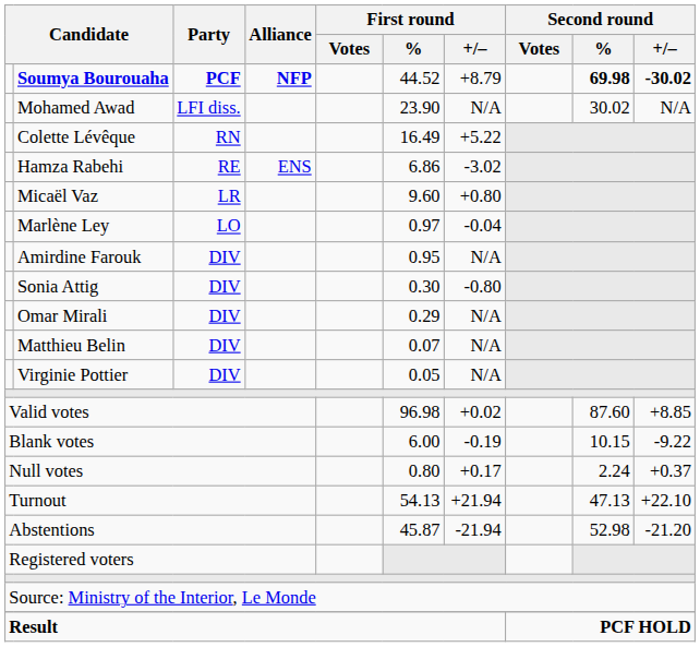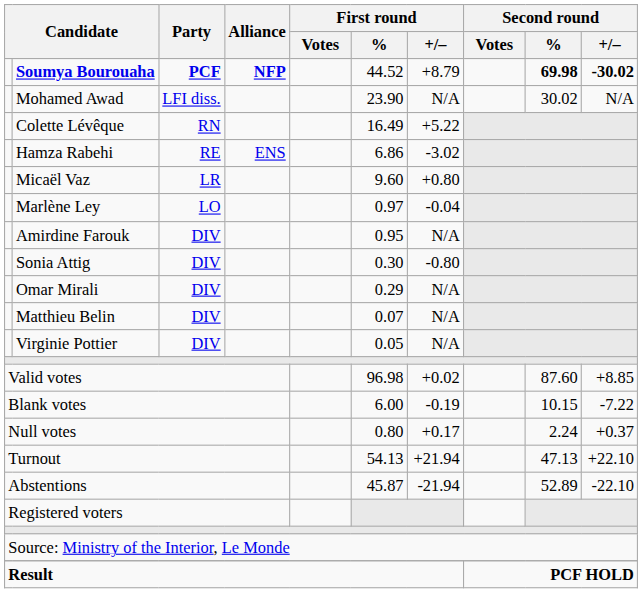 <table class="wikitable" style="text-align:right;font-size:95%;">
 <tr>
 <th rowspan="2" colspan="2">Candidate</th>
 <th rowspan="2">Party</th>
 <th rowspan="2">Alliance</th>
 <th colspan="3">First round</th>
 <th colspan="3">Second round</th>
 </tr>
 <tr>
 <th style="width:50px;">Votes</th>
 <th style="width:45px;">%</th>
 <th style="width:45px;">+/–</th>
 <th style="width:50px;">Votes</th>
 <th style="width:45px;">%</th>
 <th style="width:45px;">+/–</th>
 </tr>
 <tr>
 <td style="color:inherit;background:"></td>
 <td style="text-align:left;"><strong><a href='#'>Soumya Bourouaha</a></strong></td>
 <td><a href='#'><strong>PCF</strong></a></td>
 <td><a href='#'><strong>NFP</strong></a></td>
 <td></td>
 <td>44.52</td>
 <td>+8.79</td>
 <td><strong></strong></td>
 <td><strong>69.98</strong></td>
 <td><strong>-30.02</strong></td>
 </tr>
 <tr>
 <td style="color:inherit;background:"></td>
 <td style="text-align:left;">Mohamed Awad</td>
 <td><a href='#'>LFI diss.</a></td>
 <td></td>
 <td></td>
 <td>23.90</td>
 <td>N/A</td>
 <td></td>
 <td>30.02</td>
 <td>N/A</td>
 </tr>
 <tr>
 <td style="color:inherit;background:"></td>
 <td style="text-align:left;">Colette Lévêque</td>
 <td><a href='#'>RN</a></td>
 <td></td>
 <td></td>
 <td>16.49</td>
 <td>+5.22</td>
 <td colspan="3" style="background:#E9E9E9;"></td>
 </tr>
 <tr>
 <td style="color:inherit;background:"></td>
 <td style="text-align:left;">Hamza Rabehi</td>
 <td><a href='#'>RE</a></td>
 <td><a href='#'>ENS</a></td>
 <td></td>
 <td>6.86</td>
 <td>-3.02</td>
 <td colspan="3" style="background:#E9E9E9;"></td>
 </tr>
 <tr>
 <td style="color:inherit;background:"></td>
 <td style="text-align:left;">Micaël Vaz</td>
 <td><a href='#'>LR</a></td>
 <td></td>
 <td></td>
 <td>9.60</td>
 <td>+0.80</td>
 <td colspan="3" style="background:#E9E9E9;"></td>
 </tr>
 <tr>
 <td style="color:inherit;background:"></td>
 <td style="text-align:left;">Marlène Ley</td>
 <td><a href='#'>LO</a></td>
 <td></td>
 <td></td>
 <td>0.97</td>
 <td>-0.04</td>
 <td colspan="3" style="background:#E9E9E9;"></td>
 </tr>
 <tr>
 <td style="color:inherit;background:"></td>
 <td style="text-align:left;">Amirdine Farouk</td>
 <td><a href='#'>DIV</a></td>
 <td></td>
 <td></td>
 <td>0.95</td>
 <td>N/A</td>
 <td colspan="3" style="background:#E9E9E9;"></td>
 </tr>
 <tr>
 <td style="color:inherit;background:"></td>
 <td style="text-align:left;">Sonia Attig</td>
 <td><a href='#'>DIV</a></td>
 <td></td>
 <td></td>
 <td>0.30</td>
 <td>-0.80</td>
 <td colspan="3" style="background:#E9E9E9;"></td>
 </tr>
 <tr>
 <td style="color:inherit;background:"></td>
 <td style="text-align:left;">Omar Mirali</td>
 <td><a href='#'>DIV</a></td>
 <td></td>
 <td></td>
 <td>0.29</td>
 <td>N/A</td>
 <td colspan="3" style="background:#E9E9E9;"></td>
 </tr>
 <tr>
 <td style="color:inherit;background:"></td>
 <td style="text-align:left;">Matthieu Belin</td>
 <td><a href='#'>DIV</a></td>
 <td></td>
 <td></td>
 <td>0.07</td>
 <td>N/A</td>
 <td colspan="3" style="background:#E9E9E9;"></td>
 </tr>
 <tr>
 <td style="color:inherit;background:"></td>
 <td style="text-align:left;">Virginie Pottier</td>
 <td><a href='#'>DIV</a></td>
 <td></td>
 <td></td>
 <td>0.05</td>
 <td>N/A</td>
 <td colspan="3" style="background:#E9E9E9;"></td>
 </tr>
 <tr>
 <td colspan="10" style="background:#E9E9E9;"></td>
 </tr>
 <tr>
 <td colspan="4" style="text-align:left;">Valid votes</td>
 <td></td>
 <td>96.98</td>
 <td>+0.02</td>
 <td></td>
 <td>87.60</td>
 <td>+8.85</td>
 </tr>
 <tr>
 <td colspan="4" style="text-align:left;">Blank votes</td>
 <td></td>
 <td>6.00</td>
 <td>-0.19</td>
 <td></td>
 <td>10.15</td>
-<td>-9.22</td>
+<td>-7.22</td>
 </tr>
 <tr>
 <td colspan="4" style="text-align:left;">Null votes</td>
 <td></td>
 <td>0.80</td>
 <td>+0.17</td>
 <td></td>
 <td>2.24</td>
 <td>+0.37</td>
 </tr>
 <tr>
 <td colspan="4" style="text-align:left;">Turnout</td>
 <td></td>
 <td>54.13</td>
 <td>+21.94</td>
 <td></td>
 <td>47.13</td>
 <td>+22.10</td>
 </tr>
 <tr>
 <td colspan="4" style="text-align:left;">Abstentions</td>
 <td></td>
 <td>45.87</td>
 <td>-21.94</td>
 <td></td>
-<td>52.98</td>
-<td>-21.20</td>
+<td>52.89</td>
+<td>-22.10</td>
 </tr>
 <tr>
 <td colspan="4" style="text-align:left;">Registered voters</td>
 <td></td>
 <td colspan="2" style="background:#E9E9E9;"></td>
 <td></td>
 <td colspan="2" style="background:#E9E9E9;"></td>
 </tr>
 <tr>
 <td colspan="10" style="background:#E9E9E9;"></td>
 </tr>
 <tr>
 <td colspan="10" style="text-align:left;">Source: <a href='#'>Ministry of the Interior</a>, <a href='#'>Le Monde</a></td>
 </tr>
 <tr>
 </tr>
 <tr style="font-weight:bold">
 <td colspan="7" style="text-align:left;">Result</td>
 <td colspan="7" style="background-color:">PCF HOLD</td>
 </tr>
 </table>
